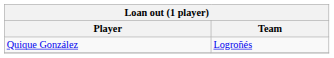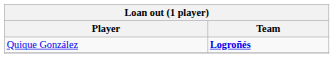 <table class="wikitable collapsible collapsed">
 <tr>
 <th colspan="2" width="500"> <strong>Loan out</strong> (1 player)</th>
 </tr>
 <tr>
 <th>Player</th>
 <th>Team</th>
 </tr>
 <tr>
 <td> <a href='#'>Quique González</a></td>
-<td> <a href='#'>Logroñés</a></td>
+<td><strong> <a href='#'>Logroñés</a></strong></td>
 </tr>
 <tr>
 </tr>
 </table>
